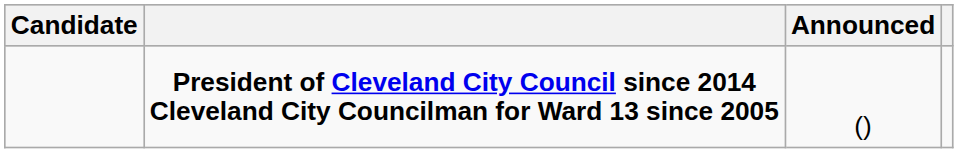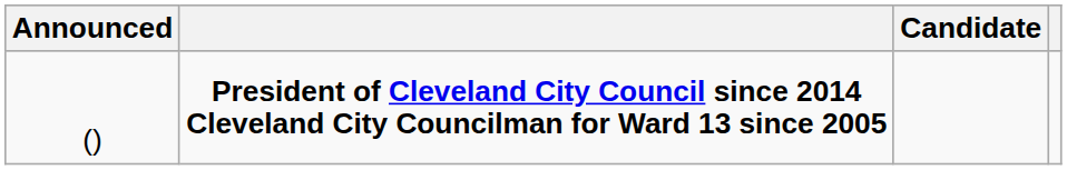 <table class="wikitable sortable" style="text-align:center">
 <tr>
+<th>Announced</th>
+<th class="unsortable"></th>
 <th>Candidate</th>
-<th class="unsortable"></th>
-<th>Announced</th>
 <th class="unsortable"></th>
 </tr>
 <tr>
+<td><br><br>()</td>
+<td><strong>President of <a href='#'>Cleveland City Council</a> since 2014</strong><br><strong>Cleveland City Councilman for Ward 13 since 2005</strong></td>
 <td></td>
-<td><strong>President of <a href='#'>Cleveland City Council</a> since 2014</strong><br><strong>Cleveland City Councilman for Ward 13 since 2005</strong></td>
-<td><br><br>()</td>
 <td></td>
 </tr>
 </table>
